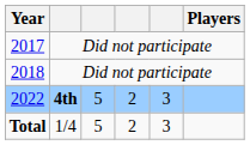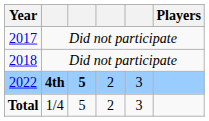 <table class="wikitable" style="text-align: center;">
 <tr>
 <th>Year</th>
 <th></th>
 <th width=25px></th>
 <th width=25px></th>
 <th width=25px></th>
 <th>Players</th>
 </tr>
 <tr>
 <td> <a href='#'>2017</a></td>
 <td colspan=5><em>Did not participate</em></td>
 </tr>
 <tr>
 <td> <a href='#'>2018</a></td>
 <td colspan=5><em>Did not participate</em></td>
 </tr>
 <tr valign="top" bgcolor=9acdff>
 <td> <a href='#'>2022</a></td>
 <td><strong>4th</strong></td>
-<td>5</td>
+<td><strong>5</strong></td>
 <td>2</td>
 <td>3</td>
 <td></td>
 </tr>
 <tr>
 <td><strong>Total</strong></td>
 <td>1/4</td>
 <td>5</td>
 <td>2</td>
 <td>3</td>
 <td></td>
 </tr>
 </table>
